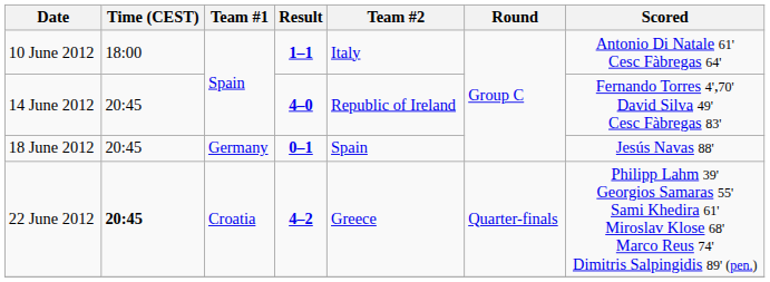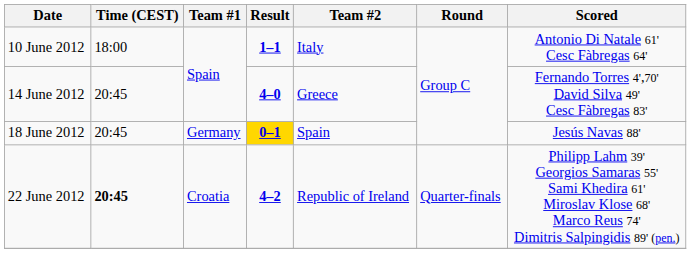 <table class="wikitable" style="text-align: left;" width="60%">
 <tr>
 <th>Date</th>
 <th>Time (CEST)</th>
 <th>Team #1</th>
 <th>Result</th>
 <th>Team #2</th>
 <th>Round</th>
 <th>Scored</th>
 </tr>
 <tr>
 <td>10 June 2012</td>
 <td>18:00</td>
 <td rowspan="2"> <a href='#'>Spain</a></td>
 <td style="text-align:center;"><strong><a href='#'>1–1</a></strong></td>
 <td> <a href='#'>Italy</a></td>
 <td rowspan="3"><a href='#'>Group C</a></td>
 <td style="text-align:center;"><a href='#'>Antonio Di Natale</a> <small>61'</small><br><a href='#'>Cesc Fàbregas</a> <small>64'</small></td>
 </tr>
 <tr>
 <td>14 June 2012</td>
 <td>20:45</td>
 <td style="text-align:center;"><strong><a href='#'>4–0</a></strong></td>
-<td> <a href='#'>Republic of Ireland</a></td>
+<td> <a href='#'>Greece</a></td>
 <td style="text-align:center;"><a href='#'>Fernando Torres</a> <small>4'</small>,<small>70'</small><br><a href='#'>David Silva</a> <small>49'</small><br><a href='#'>Cesc Fàbregas</a> <small>83'</small></td>
 </tr>
 <tr>
 <td>18 June 2012</td>
 <td>20:45</td>
 <td> <a href='#'>Germany</a></td>
-<td style="text-align:center;"><strong><a href='#'>0–1</a></strong></td>
+<td style="background: gold; text-align:center;"><strong><a href='#'>0–1</a></strong></td>
 <td> <a href='#'>Spain</a></td>
 <td style="text-align:center;"><a href='#'>Jesús Navas</a> <small>88'</small></td>
 </tr>
 <tr>
 <td>22 June 2012</td>
 <td><strong>20:45</strong></td>
 <td> <a href='#'>Croatia</a></td>
 <td style="text-align:center;"><strong><a href='#'>4–2</a></strong></td>
-<td> <a href='#'>Greece</a></td>
+<td> <a href='#'>Republic of Ireland</a></td>
 <td><a href='#'>Quarter-finals</a></td>
 <td style="text-align:center;"><a href='#'>Philipp Lahm</a> <small>39'</small><br><a href='#'>Georgios Samaras</a> <small>55'</small><br><a href='#'>Sami Khedira</a> <small>61'</small><br><a href='#'>Miroslav Klose</a> <small>68'</small><br><a href='#'>Marco Reus</a>   <small>74'</small><br><a href='#'>Dimitris Salpingidis</a> <small>89' (<a href='#'>pen.</a>)</small></td>
 </tr>
 <tr>
 </tr>
 </table>
